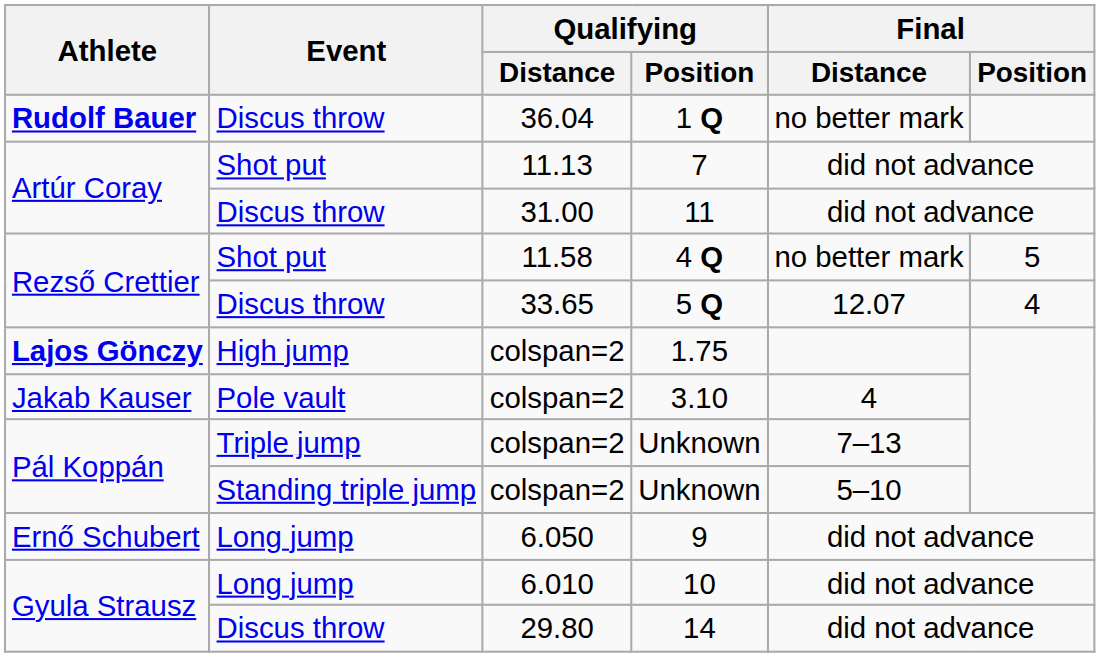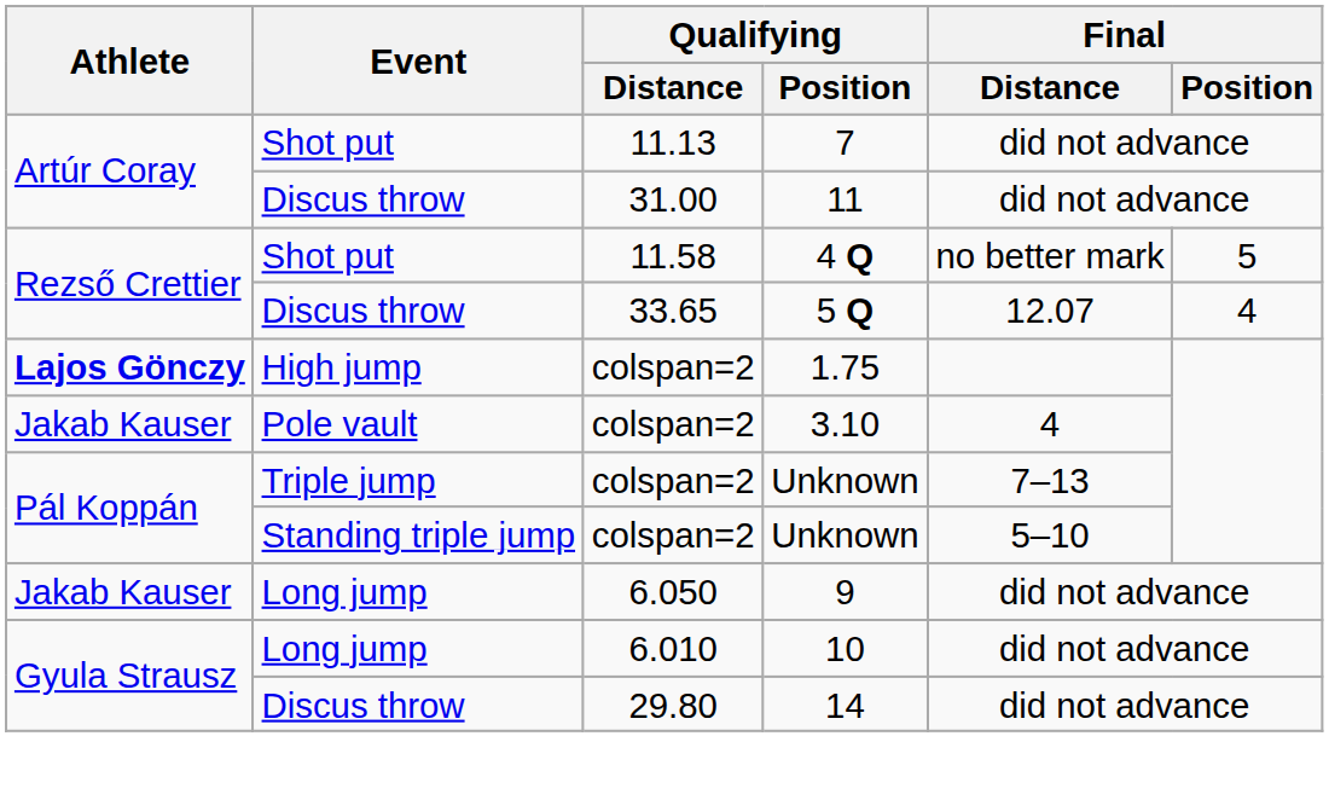 <table class=wikitable style="font-size:90%; text-align:center">
 <tr>
 <th rowspan=2>Athlete</th>
 <th rowspan=2>Event</th>
 <th colspan=2>Qualifying</th>
 <th colspan=2>Final</th>
 </tr>
 <tr style="font-size:95%">
 <th>Distance</th>
 <th>Position</th>
 <th>Distance</th>
 <th>Position</th>
-</tr>
-<tr>
-<td style="text-align:left"><strong><a href='#'>Rudolf Bauer</a></strong></td>
-<td style="text-align:left"><a href='#'>Discus throw</a></td>
-<td>36.04</td>
-<td>1 <strong>Q</strong></td>
-<td>no better mark</td>
-<td></td>
 </tr>
 <tr>
 <td rowspan=2 style="text-align:left"><a href='#'>Artúr Coray</a></td>
 <td style="text-align:left"><a href='#'>Shot put</a></td>
 <td>11.13</td>
 <td>7</td>
 <td colspan=2>did not advance</td>
 </tr>
 <tr>
 <td style="text-align:left"><a href='#'>Discus throw</a></td>
 <td>31.00</td>
 <td>11</td>
 <td colspan=2>did not advance</td>
 </tr>
 <tr>
 <td rowspan=2 style="text-align:left"><a href='#'>Rezső Crettier</a></td>
 <td style="text-align:left"><a href='#'>Shot put</a></td>
 <td>11.58</td>
 <td>4 <strong>Q</strong></td>
 <td>no better mark</td>
 <td>5</td>
 </tr>
 <tr>
 <td style="text-align:left"><a href='#'>Discus throw</a></td>
 <td>33.65</td>
 <td>5 <strong>Q</strong></td>
 <td>12.07</td>
 <td>4</td>
 </tr>
 <tr>
 <td style="text-align:left"><strong><a href='#'>Lajos Gönczy</a></strong></td>
 <td style="text-align:left"><a href='#'>High jump</a></td>
 <td>colspan=2 </td>
 <td>1.75</td>
 <td></td>
 </tr>
 <tr>
 <td style="text-align:left"><a href='#'>Jakab Kauser</a></td>
 <td style="text-align:left"><a href='#'>Pole vault</a></td>
 <td>colspan=2 </td>
 <td>3.10</td>
 <td>4</td>
 </tr>
 <tr>
 <td rowspan=2 style="text-align:left"><a href='#'>Pál Koppán</a></td>
 <td style="text-align:left"><a href='#'>Triple jump</a></td>
 <td>colspan=2 </td>
 <td>Unknown</td>
 <td>7–13</td>
 </tr>
 <tr>
 <td style="text-align:left"><a href='#'>Standing triple jump</a></td>
 <td>colspan=2 </td>
 <td>Unknown</td>
 <td>5–10</td>
 </tr>
 <tr>
-<td style="text-align:left"><a href='#'>Ernő Schubert</a></td>
+<td style="text-align:left"><a href='#'>Jakab Kauser</a></td>
 <td style="text-align:left"><a href='#'>Long jump</a></td>
 <td>6.050</td>
 <td>9</td>
 <td colspan=2>did not advance</td>
 </tr>
 <tr>
 <td rowspan=2 style="text-align:left"><a href='#'>Gyula Strausz</a></td>
 <td style="text-align:left"><a href='#'>Long jump</a></td>
 <td>6.010</td>
 <td>10</td>
 <td colspan=2>did not advance</td>
 </tr>
 <tr>
 <td style="text-align:left"><a href='#'>Discus throw</a></td>
 <td>29.80</td>
 <td>14</td>
 <td colspan=2>did not advance</td>
 </tr>
 </table>
